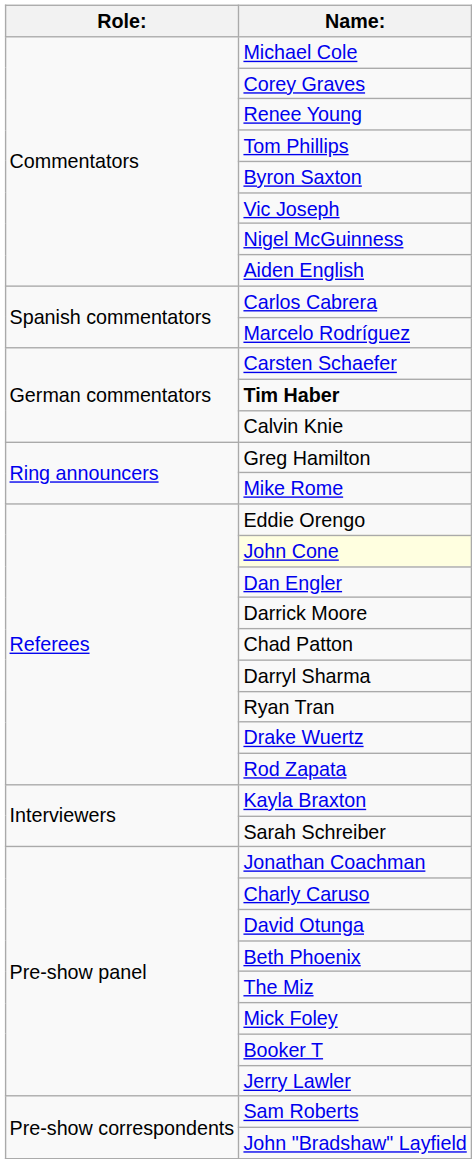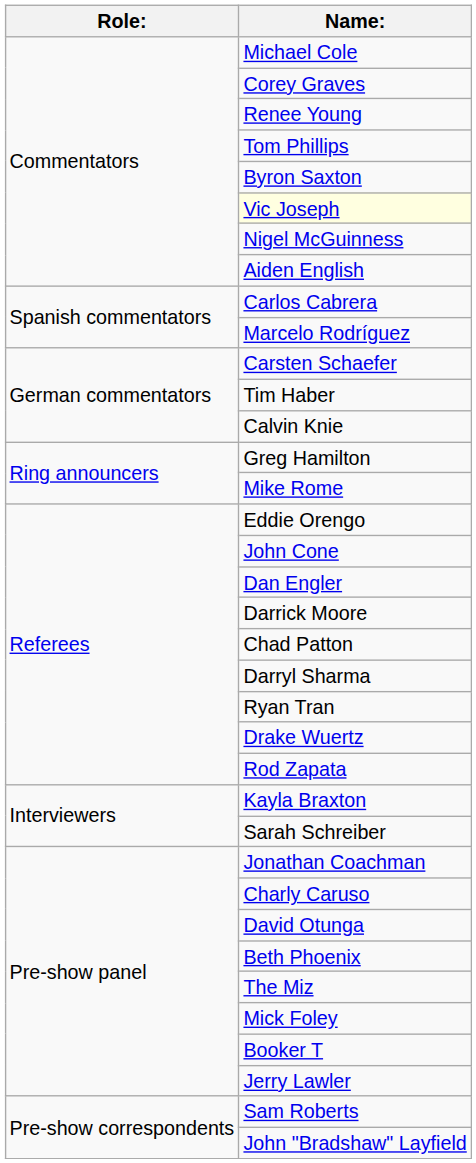 <table class=wikitable style="font-size:90%; margin: 0.5em 0 0.5em 1em; float: right; clear: right;">
 <tr>
 <th>Role:</th>
 <th>Name:</th>
 </tr>
 <tr>
 <td rowspan=8>Commentators</td>
 <td><a href='#'>Michael Cole</a> </td>
 </tr>
 <tr>
 <td><a href='#'>Corey Graves</a> </td>
 </tr>
 <tr>
 <td><a href='#'>Renee Young</a> </td>
 </tr>
 <tr>
 <td><a href='#'>Tom Phillips</a> </td>
 </tr>
 <tr>
 <td><a href='#'>Byron Saxton</a> </td>
 </tr>
 <tr>
-<td><a href='#'>Vic Joseph</a> </td>
+<td style="background: lightyellow;"><a href='#'>Vic Joseph</a> </td>
 </tr>
 <tr>
 <td><a href='#'>Nigel McGuinness</a> </td>
 </tr>
 <tr>
 <td><a href='#'>Aiden English</a> </td>
 </tr>
 <tr>
 <td rowspan=2>Spanish commentators</td>
 <td><a href='#'>Carlos Cabrera</a></td>
 </tr>
 <tr>
 <td><a href='#'>Marcelo Rodríguez</a></td>
 </tr>
 <tr>
 <td rowspan=3>German commentators</td>
 <td><a href='#'>Carsten Schaefer</a></td>
 </tr>
 <tr>
-<td><strong>Tim Haber</strong></td>
+<td>Tim Haber</td>
 </tr>
 <tr>
 <td>Calvin Knie</td>
 </tr>
 <tr>
 <td rowspan=2><a href='#'>Ring announcers</a></td>
 <td>Greg Hamilton </td>
 </tr>
 <tr>
 <td><a href='#'>Mike Rome</a> </td>
 </tr>
 <tr>
 <td rowspan=9><a href='#'>Referees</a></td>
 <td>Eddie Orengo </td>
 </tr>
 <tr>
-<td style="background: lightyellow;"><a href='#'>John Cone</a></td>
+<td><a href='#'>John Cone</a></td>
 </tr>
 <tr>
 <td><a href='#'>Dan Engler</a></td>
 </tr>
 <tr>
 <td>Darrick Moore</td>
 </tr>
 <tr>
 <td>Chad Patton</td>
 </tr>
 <tr>
 <td>Darryl Sharma</td>
 </tr>
 <tr>
 <td>Ryan Tran</td>
 </tr>
 <tr>
 <td><a href='#'>Drake Wuertz</a></td>
 </tr>
 <tr>
 <td><a href='#'>Rod Zapata</a></td>
 </tr>
 <tr>
 <td rowspan=2>Interviewers</td>
 <td><a href='#'>Kayla Braxton</a></td>
 </tr>
 <tr>
 <td>Sarah Schreiber</td>
 </tr>
 <tr>
 <td rowspan=8>Pre-show panel</td>
 <td><a href='#'>Jonathan Coachman</a></td>
 </tr>
 <tr>
 <td><a href='#'>Charly Caruso</a></td>
 </tr>
 <tr>
 <td><a href='#'>David Otunga</a></td>
 </tr>
 <tr>
 <td><a href='#'>Beth Phoenix</a></td>
 </tr>
 <tr>
 <td><a href='#'>The Miz</a></td>
 </tr>
 <tr>
 <td><a href='#'>Mick Foley</a></td>
 </tr>
 <tr>
 <td><a href='#'>Booker T</a></td>
 </tr>
 <tr>
 <td><a href='#'>Jerry Lawler</a></td>
 </tr>
 <tr>
 <td rowspan=2>Pre-show correspondents</td>
 <td><a href='#'>Sam Roberts</a></td>
 </tr>
 <tr>
 <td><a href='#'>John "Bradshaw" Layfield</a></td>
 </tr>
 <tr>
 </tr>
 </table>
